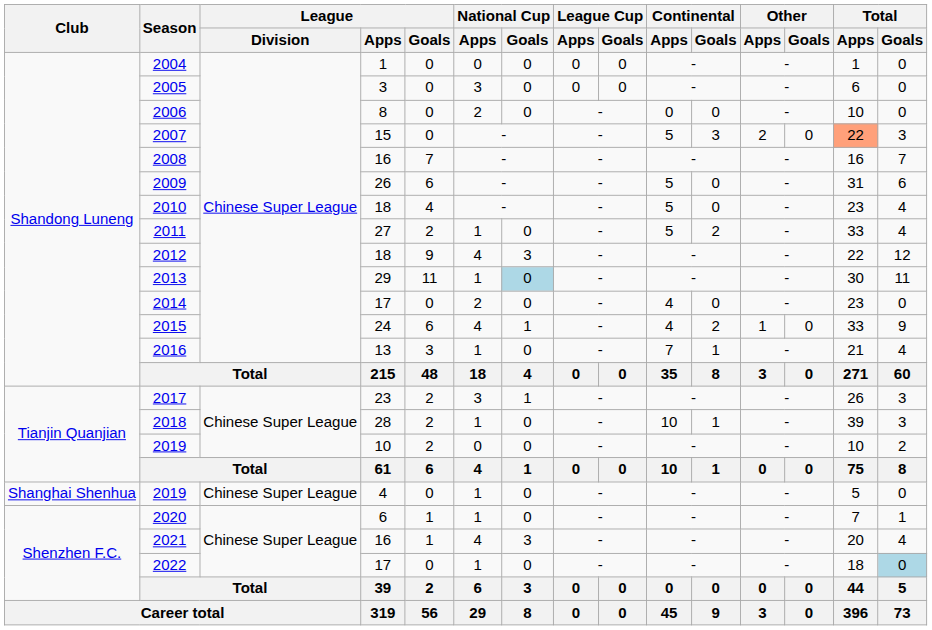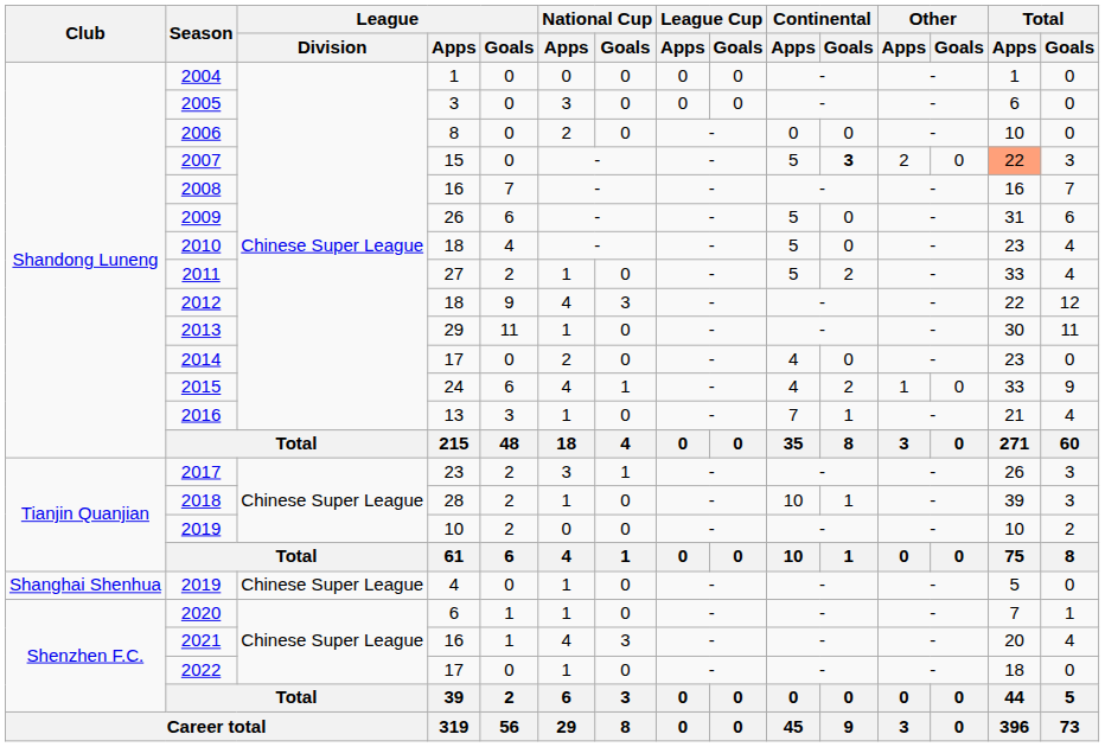 <table class="wikitable" style="text-align: center">
 <tr>
 <th rowspan="2">Club</th>
 <th rowspan="2">Season</th>
 <th colspan="3">League</th>
 <th colspan="2">National Cup</th>
 <th colspan="2">League Cup</th>
 <th colspan="2">Continental</th>
 <th colspan="2">Other</th>
 <th colspan="2">Total</th>
 </tr>
 <tr>
 <th>Division</th>
 <th>Apps</th>
 <th>Goals</th>
 <th>Apps</th>
 <th>Goals</th>
 <th>Apps</th>
 <th>Goals</th>
 <th>Apps</th>
 <th>Goals</th>
 <th>Apps</th>
 <th>Goals</th>
 <th>Apps</th>
 <th>Goals</th>
 </tr>
 <tr>
 <td rowspan=14><a href='#'>Shandong Luneng</a></td>
 <td><a href='#'>2004</a></td>
 <td rowspan=13><a href='#'>Chinese Super League</a></td>
 <td>1</td>
 <td>0</td>
 <td>0</td>
 <td>0</td>
 <td>0</td>
 <td>0</td>
 <td colspan="2">-</td>
 <td colspan="2">-</td>
 <td>1</td>
 <td>0</td>
 </tr>
 <tr>
 <td><a href='#'>2005</a></td>
 <td>3</td>
 <td>0</td>
 <td>3</td>
 <td>0</td>
 <td>0</td>
 <td>0</td>
 <td colspan="2">-</td>
 <td colspan="2">-</td>
 <td>6</td>
 <td>0</td>
 </tr>
 <tr>
 <td><a href='#'>2006</a></td>
 <td>8</td>
 <td>0</td>
 <td>2</td>
 <td>0</td>
 <td colspan="2">-</td>
 <td>0</td>
 <td>0</td>
 <td colspan="2">-</td>
 <td>10</td>
 <td>0</td>
 </tr>
 <tr>
 <td><a href='#'>2007</a></td>
 <td>15</td>
 <td>0</td>
 <td colspan="2">-</td>
 <td colspan="2">-</td>
 <td>5</td>
-<td>3</td>
+<td><strong>3</strong></td>
 <td>2</td>
 <td>0</td>
 <td style="background: lightsalmon;">22</td>
 <td>3</td>
 </tr>
 <tr>
 <td><a href='#'>2008</a></td>
 <td>16</td>
 <td>7</td>
 <td colspan="2">-</td>
 <td colspan="2">-</td>
 <td colspan="2">-</td>
 <td colspan="2">-</td>
 <td>16</td>
 <td>7</td>
 </tr>
 <tr>
 <td><a href='#'>2009</a></td>
 <td>26</td>
 <td>6</td>
 <td colspan="2">-</td>
 <td colspan="2">-</td>
 <td>5</td>
 <td>0</td>
 <td colspan="2">-</td>
 <td>31</td>
 <td>6</td>
 </tr>
 <tr>
 <td><a href='#'>2010</a></td>
 <td>18</td>
 <td>4</td>
 <td colspan="2">-</td>
 <td colspan="2">-</td>
 <td>5</td>
 <td>0</td>
 <td colspan="2">-</td>
 <td>23</td>
 <td>4</td>
 </tr>
 <tr>
 <td><a href='#'>2011</a></td>
 <td>27</td>
 <td>2</td>
 <td>1</td>
 <td>0</td>
 <td colspan="2">-</td>
 <td>5</td>
 <td>2</td>
 <td colspan="2">-</td>
 <td>33</td>
 <td>4</td>
 </tr>
 <tr>
 <td><a href='#'>2012</a></td>
 <td>18</td>
 <td>9</td>
 <td>4</td>
 <td>3</td>
 <td colspan="2">-</td>
 <td colspan="2">-</td>
 <td colspan="2">-</td>
 <td>22</td>
 <td>12</td>
 </tr>
 <tr>
 <td><a href='#'>2013</a></td>
 <td>29</td>
 <td>11</td>
 <td>1</td>
-<td style="background: lightblue;">0</td>
+<td>0</td>
 <td colspan="2">-</td>
 <td colspan="2">-</td>
 <td colspan="2">-</td>
 <td>30</td>
 <td>11</td>
 </tr>
 <tr>
 <td><a href='#'>2014</a></td>
 <td>17</td>
 <td>0</td>
 <td>2</td>
 <td>0</td>
 <td colspan="2">-</td>
 <td>4</td>
 <td>0</td>
 <td colspan="2">-</td>
 <td>23</td>
 <td>0</td>
 </tr>
 <tr>
 <td><a href='#'>2015</a></td>
 <td>24</td>
 <td>6</td>
 <td>4</td>
 <td>1</td>
 <td colspan="2">-</td>
 <td>4</td>
 <td>2</td>
 <td>1</td>
 <td>0</td>
 <td>33</td>
 <td>9</td>
 </tr>
 <tr>
 <td><a href='#'>2016</a></td>
 <td>13</td>
 <td>3</td>
 <td>1</td>
 <td>0</td>
 <td colspan="2">-</td>
 <td>7</td>
 <td>1</td>
 <td colspan="2">-</td>
 <td>21</td>
 <td>4</td>
 </tr>
 <tr>
 <th colspan="2"><strong>Total</strong></th>
 <th>215</th>
 <th>48</th>
 <th>18</th>
 <th>4</th>
 <th>0</th>
 <th>0</th>
 <th>35</th>
 <th>8</th>
 <th>3</th>
 <th>0</th>
 <th>271</th>
 <th>60</th>
 </tr>
 <tr>
 <td rowspan=4><a href='#'>Tianjin Quanjian</a></td>
 <td><a href='#'>2017</a></td>
 <td rowspan=3>Chinese Super League</td>
 <td>23</td>
 <td>2</td>
 <td>3</td>
 <td>1</td>
 <td colspan="2">-</td>
 <td colspan="2">-</td>
 <td colspan="2">-</td>
 <td>26</td>
 <td>3</td>
 </tr>
 <tr>
 <td><a href='#'>2018</a></td>
 <td>28</td>
 <td>2</td>
 <td>1</td>
 <td>0</td>
 <td colspan="2">-</td>
 <td>10</td>
 <td>1</td>
 <td colspan="2">-</td>
 <td>39</td>
 <td>3</td>
 </tr>
 <tr>
 <td><a href='#'>2019</a></td>
 <td>10</td>
 <td>2</td>
 <td>0</td>
 <td>0</td>
 <td colspan="2">-</td>
 <td colspan="2">-</td>
 <td colspan="2">-</td>
 <td>10</td>
 <td>2</td>
 </tr>
 <tr>
 <th colspan="2"><strong>Total</strong></th>
 <th>61</th>
 <th>6</th>
 <th>4</th>
 <th>1</th>
 <th>0</th>
 <th>0</th>
 <th>10</th>
 <th>1</th>
 <th>0</th>
 <th>0</th>
 <th>75</th>
 <th>8</th>
 </tr>
 <tr>
 <td><a href='#'>Shanghai Shenhua</a></td>
 <td><a href='#'>2019</a></td>
 <td>Chinese Super League</td>
 <td>4</td>
 <td>0</td>
 <td>1</td>
 <td>0</td>
 <td colspan="2">-</td>
 <td colspan="2">-</td>
 <td colspan="2">-</td>
 <td>5</td>
 <td>0</td>
 </tr>
 <tr>
 <td rowspan=4><a href='#'>Shenzhen F.C.</a></td>
 <td><a href='#'>2020</a></td>
 <td rowspan=3>Chinese Super League</td>
 <td>6</td>
 <td>1</td>
 <td>1</td>
 <td>0</td>
 <td colspan="2">-</td>
 <td colspan="2">-</td>
 <td colspan="2">-</td>
 <td>7</td>
 <td>1</td>
 </tr>
 <tr>
 <td><a href='#'>2021</a></td>
 <td>16</td>
 <td>1</td>
 <td>4</td>
 <td>3</td>
 <td colspan="2">-</td>
 <td colspan="2">-</td>
 <td colspan="2">-</td>
 <td>20</td>
 <td>4</td>
 </tr>
 <tr>
 <td><a href='#'>2022</a></td>
 <td>17</td>
 <td>0</td>
 <td>1</td>
 <td>0</td>
 <td colspan="2">-</td>
 <td colspan="2">-</td>
 <td colspan="2">-</td>
 <td>18</td>
-<td style="background: lightblue;">0</td>
+<td>0</td>
 </tr>
 <tr>
 <th colspan="2"><strong>Total</strong></th>
 <th>39</th>
 <th>2</th>
 <th>6</th>
 <th>3</th>
 <th>0</th>
 <th>0</th>
 <th>0</th>
 <th>0</th>
 <th>0</th>
 <th>0</th>
 <th>44</th>
 <th>5</th>
 </tr>
 <tr>
 <th colspan=3>Career total</th>
 <th>319</th>
 <th>56</th>
 <th>29</th>
 <th>8</th>
 <th>0</th>
 <th>0</th>
 <th>45</th>
 <th>9</th>
 <th>3</th>
 <th>0</th>
 <th>396</th>
 <th>73</th>
 </tr>
 </table>
